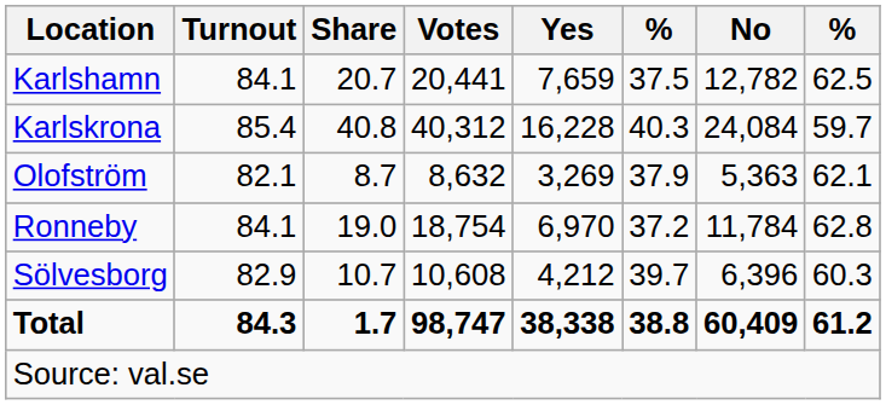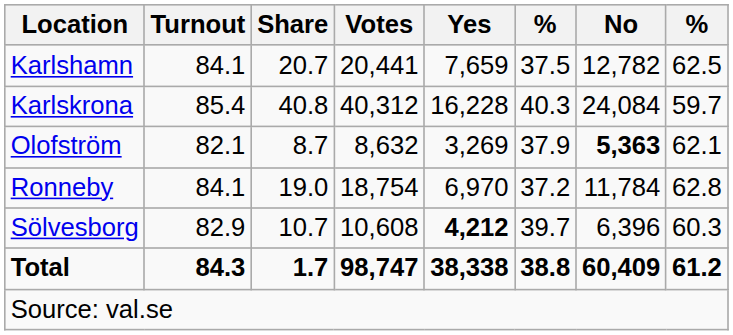 <table class="wikitable sortable" style=text-align:right>
 <tr>
 <th>Location</th>
 <th>Turnout</th>
 <th>Share</th>
 <th>Votes</th>
 <th>Yes</th>
 <th>%</th>
 <th>No</th>
 <th>%</th>
 </tr>
 <tr>
 <td align=left><a href='#'>Karlshamn</a></td>
 <td>84.1</td>
 <td>20.7</td>
 <td>20,441</td>
 <td>7,659</td>
 <td>37.5</td>
 <td>12,782</td>
 <td>62.5</td>
 </tr>
 <tr>
 <td align=left><a href='#'>Karlskrona</a></td>
 <td>85.4</td>
 <td>40.8</td>
 <td>40,312</td>
 <td>16,228</td>
 <td>40.3</td>
 <td>24,084</td>
 <td>59.7</td>
 </tr>
 <tr>
 <td align=left><a href='#'>Olofström</a></td>
 <td>82.1</td>
 <td>8.7</td>
 <td>8,632</td>
 <td>3,269</td>
 <td>37.9</td>
-<td>5,363</td>
+<td><strong>5,363</strong></td>
 <td>62.1</td>
 </tr>
 <tr>
 <td align=left><a href='#'>Ronneby</a></td>
 <td>84.1</td>
 <td>19.0</td>
 <td>18,754</td>
 <td>6,970</td>
 <td>37.2</td>
 <td>11,784</td>
 <td>62.8</td>
 </tr>
 <tr>
 <td align=left><a href='#'>Sölvesborg</a></td>
 <td>82.9</td>
 <td>10.7</td>
 <td>10,608</td>
-<td>4,212</td>
+<td><strong>4,212</strong></td>
 <td>39.7</td>
 <td>6,396</td>
 <td>60.3</td>
 </tr>
 <tr>
 <td align=left><strong>Total</strong></td>
 <td><strong>84.3</strong></td>
 <td><strong>1.7</strong></td>
 <td><strong>98,747</strong></td>
 <td><strong>38,338</strong></td>
 <td><strong>38.8</strong></td>
 <td><strong>60,409</strong></td>
 <td><strong>61.2</strong></td>
 </tr>
 <tr>
 <td align=left colspan=8>Source: val.se </td>
 </tr>
 </table>
